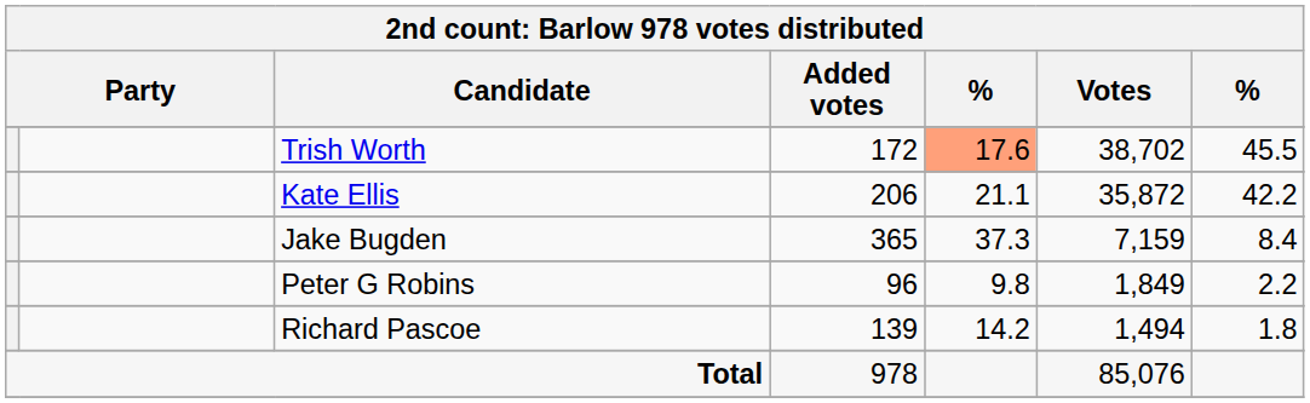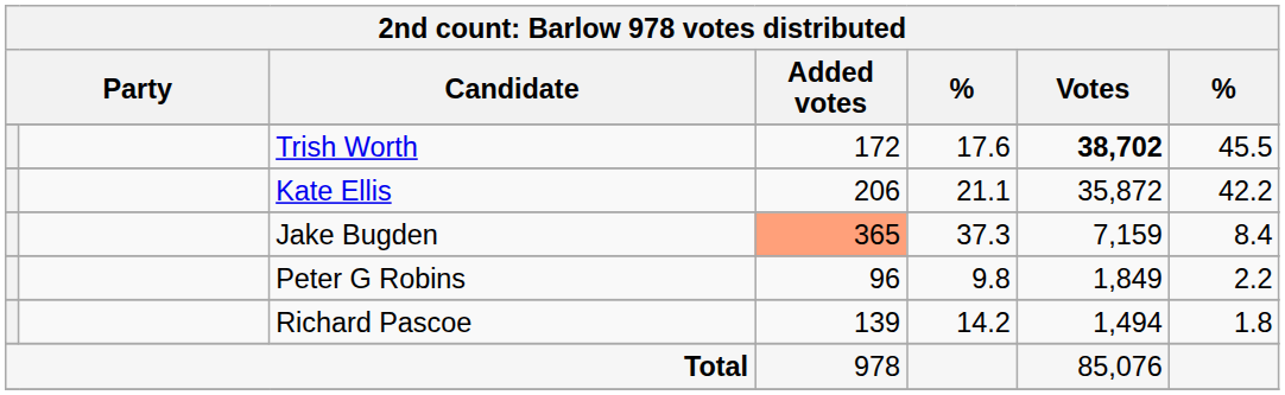 <table class="wikitable" style="font-size: 95%;">
 <tr style="background-color:#E9E9E9">
 <th colspan=7>2nd count: Barlow 978 votes distributed</th>
 </tr>
 <tr style="background-color:#E9E9E9">
 <th colspan=2 style="width: 130px">Party</th>
 <th style="width: 17em">Candidate</th>
 <th style="width: 5em">Added votes</th>
 <th style="width: 3.5em">%</th>
 <th style="width: 5em">Votes</th>
 <th style="width: 3.5em">%</th>
 </tr>
 <tr>
 </tr>
 <tr class="vcard">
 <th></th>
 <td class="org" style="width: 130px"></td>
 <td class="fn"><a href='#'>Trish Worth</a></td>
 <td style="text-align: right; margin-right: 0.5em">172</td>
-<td style="background: lightsalmon; text-align: right; margin-right: 0.5em">17.6</td>
-<td style="text-align: right; margin-right: 0.5em">38,702</td>
+<td style="text-align: right; margin-right: 0.5em">17.6</td>
+<td style="text-align: right; margin-right: 0.5em"><strong>38,702</strong></td>
 <td style="text-align: right; margin-right: 0.5em">45.5</td>
 </tr>
 <tr>
 </tr>
 <tr class="vcard">
 <th></th>
 <td class="org" style="width: 130px"></td>
 <td class="fn"><a href='#'>Kate Ellis</a></td>
 <td style="text-align: right; margin-right: 0.5em">206</td>
 <td style="text-align: right; margin-right: 0.5em">21.1</td>
 <td style="text-align: right; margin-right: 0.5em">35,872</td>
 <td style="text-align: right; margin-right: 0.5em">42.2</td>
 </tr>
 <tr>
 </tr>
 <tr class="vcard">
 <th></th>
 <td class="org" style="width: 130px"></td>
 <td class="fn">Jake Bugden</td>
-<td style="text-align: right; margin-right: 0.5em">365</td>
+<td style="background: lightsalmon; text-align: right; margin-right: 0.5em">365</td>
 <td style="text-align: right; margin-right: 0.5em">37.3</td>
 <td style="text-align: right; margin-right: 0.5em">7,159</td>
 <td style="text-align: right; margin-right: 0.5em">8.4</td>
 </tr>
 <tr>
 </tr>
 <tr class="vcard">
 <th></th>
 <td class="org" style="width: 130px"></td>
 <td class="fn">Peter G Robins</td>
 <td style="text-align: right; margin-right: 0.5em">96</td>
 <td style="text-align: right; margin-right: 0.5em">9.8</td>
 <td style="text-align: right; margin-right: 0.5em">1,849</td>
 <td style="text-align: right; margin-right: 0.5em">2.2</td>
 </tr>
 <tr>
 </tr>
 <tr class="vcard">
 <th></th>
 <td class="org" style="width: 130px"></td>
 <td class="fn">Richard Pascoe</td>
 <td style="text-align: right; margin-right: 0.5em">139</td>
 <td style="text-align: right; margin-right: 0.5em">14.2</td>
 <td style="text-align: right; margin-right: 0.5em">1,494</td>
 <td style="text-align: right; margin-right: 0.5em">1.8</td>
 </tr>
 <tr>
 </tr>
 <tr style="background-color:#F6F6F6">
 <td colspan="3" style="text-align: right; margin-right: 0.5em"><strong>Total</strong></td>
 <td style="text-align: right; margin-right: 0.5em">978</td>
 <td style="text-align: right; margin-right: 0.5em"></td>
 <td style="text-align: right; margin-right: 0.5em">85,076</td>
 <td style="text-align: right; margin-right: 0.5em"></td>
 </tr>
 <tr>
 </tr>
 </table>
